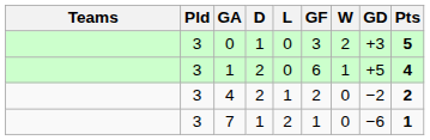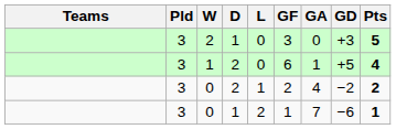 <table class="wikitable" style="text-align: center;">
 <tr>
 <th width=165>Teams</th>
 <th width=20>Pld</th>
-<th width=20>GA</th>
+<th width=20>W</th>
 <th width=20>D</th>
 <th width=20>L</th>
 <th width=20>GF</th>
-<th width=20>W</th>
+<th width=20>GA</th>
 <th width=20>GD</th>
 <th width=20>Pts</th>
 </tr>
 <tr align=center style="background:#ccffcc;">
 <td style="text-align:left;"></td>
 <td>3</td>
-<td>0</td>
+<td>2</td>
 <td>1</td>
 <td>0</td>
 <td>3</td>
-<td>2</td>
+<td>0</td>
 <td>+3</td>
 <td><strong>5</strong></td>
 </tr>
 <tr align=center style="background:#ccffcc;">
 <td style="text-align:left;"></td>
 <td>3</td>
 <td>1</td>
 <td>2</td>
 <td>0</td>
 <td>6</td>
 <td>1</td>
 <td>+5</td>
 <td><strong>4</strong></td>
 </tr>
 <tr align=center>
 <td style="text-align:left;"></td>
 <td>3</td>
-<td>4</td>
+<td>0</td>
 <td>2</td>
 <td>1</td>
 <td>2</td>
-<td>0</td>
+<td>4</td>
 <td>−2</td>
 <td><strong>2</strong></td>
 </tr>
 <tr align=center>
 <td style="text-align:left;"></td>
 <td>3</td>
-<td>7</td>
+<td>0</td>
 <td>1</td>
 <td>2</td>
 <td>1</td>
-<td>0</td>
+<td>7</td>
 <td>−6</td>
 <td><strong>1</strong></td>
 </tr>
 </table>
